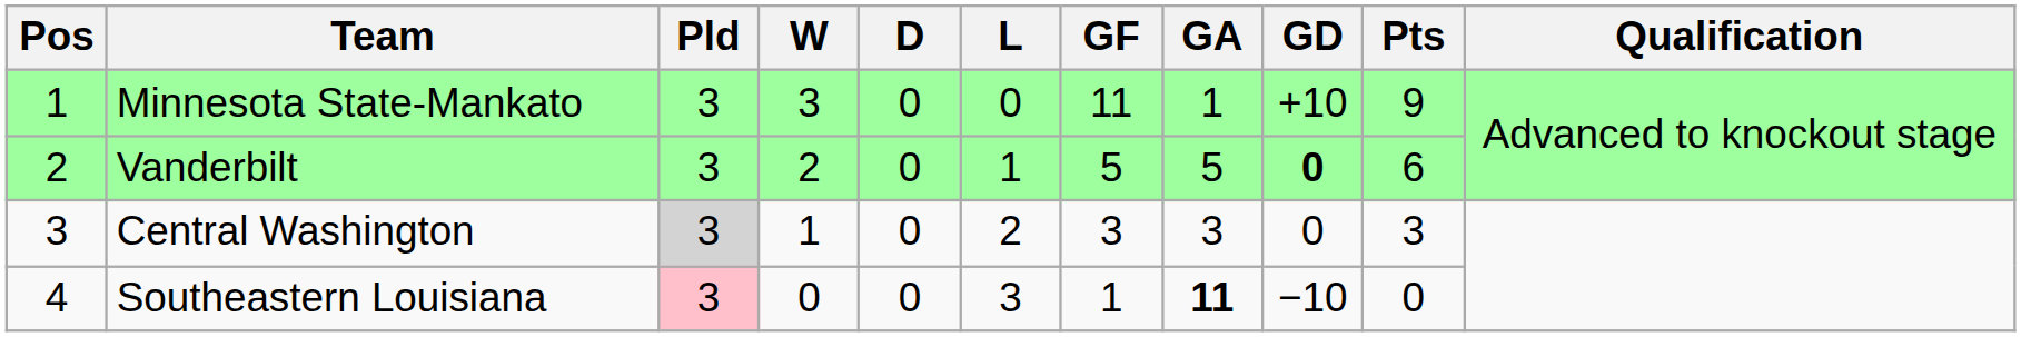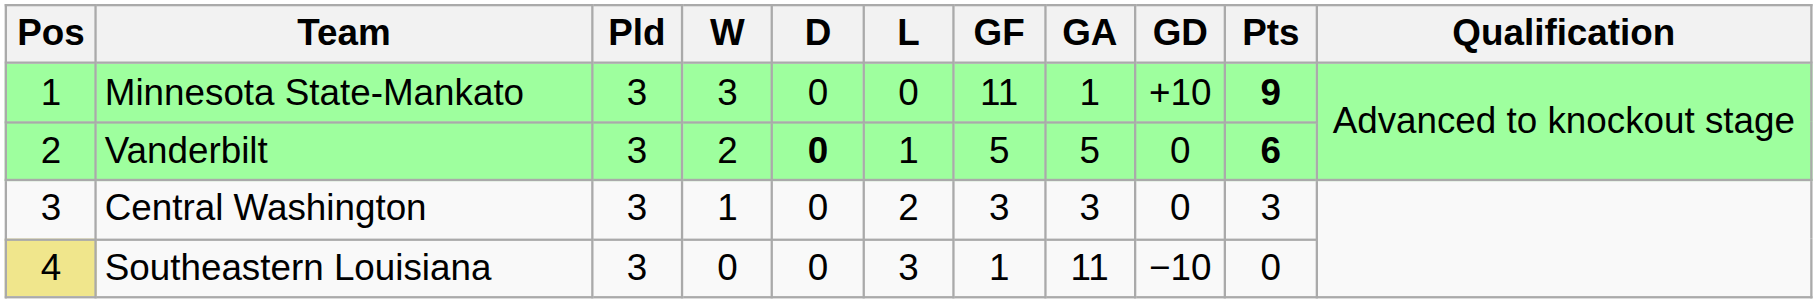 <table class="wikitable" style="text-align:center; margin: 1em auto">
 <tr>
 <th style="width:2em">Pos</th>
 <th style="width:13em">Team</th>
 <th style="width:2em">Pld</th>
 <th style="width:2em">W</th>
 <th style="width:2em">D</th>
 <th style="width:2em">L</th>
 <th style="width:2em">GF</th>
 <th style="width:2em">GA</th>
 <th style="width:2em">GD</th>
 <th style="width:2em">Pts</th>
 <th style="width:13em">Qualification</th>
 </tr>
 <tr bgcolor="#9eff9e">
 <td>1</td>
 <td style="text-align:left">Minnesota State-Mankato</td>
 <td>3</td>
 <td>3</td>
 <td>0</td>
 <td>0</td>
 <td>11</td>
 <td>1</td>
 <td>+10</td>
-<td>9</td>
+<td><strong>9</strong></td>
 <td rowspan="2">Advanced to knockout stage</td>
 </tr>
 <tr bgcolor="#9eff9e">
 <td>2</td>
 <td style="text-align:left">Vanderbilt</td>
 <td>3</td>
 <td>2</td>
-<td>0</td>
+<td><strong>0</strong></td>
 <td>1</td>
 <td>5</td>
 <td>5</td>
-<td><strong>0</strong></td>
-<td>6</td>
+<td>0</td>
+<td><strong>6</strong></td>
 </tr>
 <tr>
 <td>3</td>
 <td style="text-align:left">Central Washington</td>
-<td style="background: lightgrey;">3</td>
+<td>3</td>
 <td>1</td>
 <td>0</td>
 <td>2</td>
 <td>3</td>
 <td>3</td>
 <td>0</td>
 <td>3</td>
 </tr>
 <tr>
-<td>4</td>
+<td style="background: khaki;">4</td>
 <td style="text-align:left">Southeastern Louisiana</td>
-<td style="background: pink;">3</td>
+<td>3</td>
 <td>0</td>
 <td>0</td>
 <td>3</td>
 <td>1</td>
-<td><strong>11</strong></td>
+<td>11</td>
 <td>−10</td>
 <td>0</td>
 </tr>
 </table>
